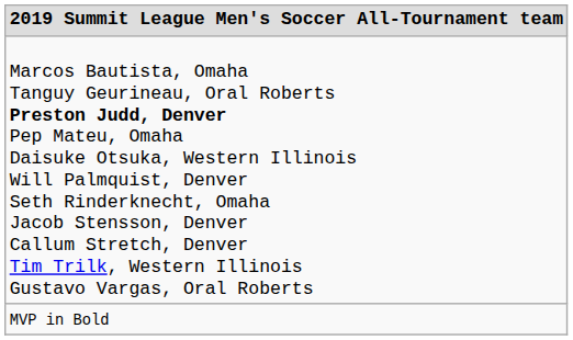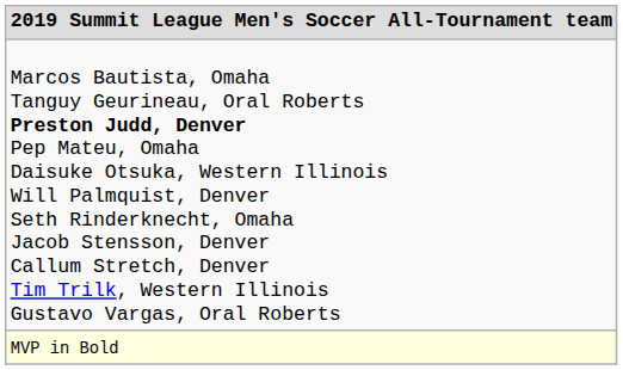 <table class="wikitable" style="white-space:nowrap; font-size:90%;">
 <tr>
 <td colspan="7" style="text-align:center; background:#ddd;"><strong>2019 Summit League Men's Soccer All-Tournament team</strong></td>
 </tr>
 <tr>
 <td><br>Marcos Bautista, Omaha<br> Tanguy Geurineau, Oral Roberts<br> <strong>Preston Judd, Denver</strong><br> Pep Mateu, Omaha<br> Daisuke Otsuka, Western Illinois<br> Will Palmquist, Denver<br> Seth Rinderknecht, Omaha<br> Jacob Stensson, Denver<br> Callum Stretch, Denver<br> <a href='#'>Tim Trilk</a>, Western Illinois<br> Gustavo Vargas, Oral Roberts</td>
 </tr>
 <tr>
-<td><small>MVP in Bold</small></td>
+<td style="background: lightyellow;"><small>MVP in Bold</small></td>
 </tr>
 </table>
